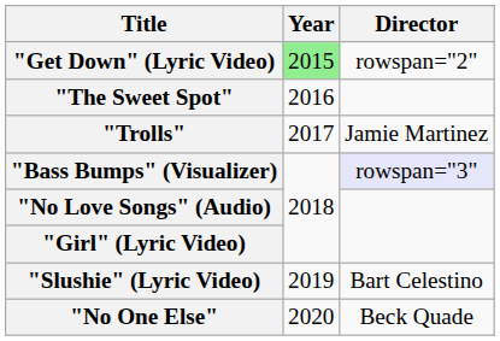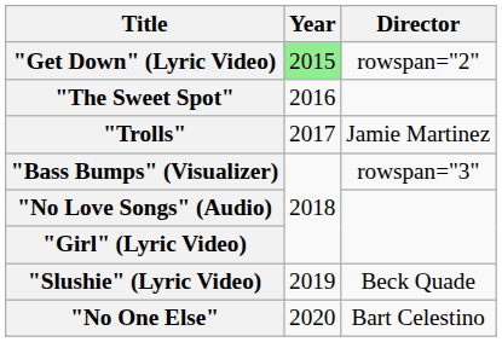 <table class="wikitable plainrowheaders" style="text-align:center;">
 <tr>
 <th>Title</th>
 <th>Year</th>
 <th>Director</th>
 </tr>
 <tr>
 <th scope="row">"Get Down" (Lyric Video)</th>
 <td style="background: lightgreen;">2015</td>
 <td>rowspan="2" </td>
 </tr>
 <tr>
 <th scope="row">"The Sweet Spot"</th>
 <td>2016</td>
 </tr>
 <tr>
 <th scope="row">"Trolls"</th>
 <td>2017</td>
 <td>Jamie Martinez</td>
 </tr>
 <tr>
 <th scope="row">"Bass Bumps" (Visualizer)</th>
 <td rowspan="3">2018</td>
-<td style="background: lavender;">rowspan="3" </td>
+<td>rowspan="3" </td>
 </tr>
 <tr>
 <th scope="row">"No Love Songs" (Audio)<br></th>
 </tr>
 <tr>
 <th scope="row">"Girl" (Lyric Video)</th>
 </tr>
 <tr>
 <th scope="row">"Slushie" (Lyric Video)</th>
 <td>2019</td>
-<td>Bart Celestino</td>
+<td>Beck Quade</td>
 </tr>
 <tr>
 <th scope="row">"No One Else"</th>
 <td>2020</td>
-<td>Beck Quade</td>
+<td>Bart Celestino</td>
 </tr>
 </table>
